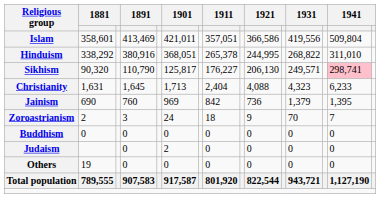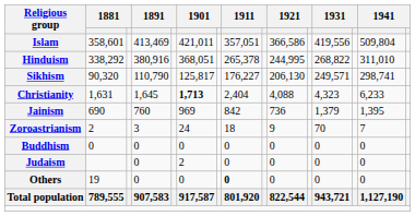 <table class="wikitable sortable">
 <tr>
 <th rowspan="2"><a href='#'>Religious</a><br>group</th>
 <th colspan="2">1881</th>
 <th colspan="2">1891</th>
 <th colspan="2">1901</th>
 <th colspan="2">1911</th>
 <th colspan="2">1921</th>
 <th colspan="2">1931</th>
 <th colspan="2">1941</th>
 </tr>
 <tr>
 <th><a href='#'></a></th>
 <th></th>
 <th></th>
 <th></th>
 <th></th>
 <th></th>
 <th></th>
 <th></th>
 <th></th>
 <th></th>
 <th></th>
 <th></th>
 <th></th>
 <th></th>
 </tr>
 <tr>
 <th><a href='#'>Islam</a> </th>
 <td>358,601</td>
 <td></td>
 <td>413,469</td>
 <td></td>
 <td>421,011</td>
 <td></td>
 <td>357,051</td>
 <td></td>
 <td>366,586</td>
 <td></td>
 <td>419,556</td>
 <td></td>
 <td>509,804</td>
 <td></td>
 </tr>
 <tr>
 <th><a href='#'>Hinduism</a> </th>
 <td>338,292</td>
 <td></td>
 <td>380,916</td>
 <td></td>
 <td>368,051</td>
 <td></td>
 <td>265,378</td>
 <td></td>
 <td>244,995</td>
 <td></td>
 <td>268,822</td>
 <td></td>
 <td>311,010</td>
 <td></td>
 </tr>
 <tr>
 <th><a href='#'>Sikhism</a> </th>
 <td>90,320</td>
 <td></td>
 <td>110,790</td>
 <td></td>
 <td>125,817</td>
 <td></td>
 <td>176,227</td>
 <td></td>
 <td>206,130</td>
 <td></td>
 <td>249,571</td>
 <td></td>
-<td style="background: pink;">298,741</td>
+<td>298,741</td>
 <td></td>
 </tr>
 <tr>
 <th><a href='#'>Christianity</a> </th>
 <td>1,631</td>
 <td></td>
 <td>1,645</td>
 <td></td>
-<td>1,713</td>
+<td><strong>1,713</strong></td>
 <td></td>
 <td>2,404</td>
 <td></td>
 <td>4,088</td>
 <td></td>
 <td>4,323</td>
 <td></td>
 <td>6,233</td>
 <td></td>
 </tr>
 <tr>
 <th><a href='#'>Jainism</a> </th>
 <td>690</td>
 <td></td>
 <td>760</td>
 <td></td>
 <td>969</td>
 <td></td>
 <td>842</td>
 <td></td>
 <td>736</td>
 <td></td>
 <td>1,379</td>
 <td></td>
 <td>1,395</td>
 <td></td>
 </tr>
 <tr>
 <th><a href='#'>Zoroastrianism</a> </th>
 <td>2</td>
 <td></td>
 <td>3</td>
 <td></td>
 <td>24</td>
 <td></td>
 <td>18</td>
 <td></td>
 <td>9</td>
 <td></td>
 <td>70</td>
 <td></td>
 <td>7</td>
 <td></td>
 </tr>
 <tr>
 <th><a href='#'>Buddhism</a> </th>
 <td>0</td>
 <td></td>
 <td>0</td>
 <td></td>
 <td>0</td>
 <td></td>
 <td>0</td>
 <td></td>
 <td>0</td>
 <td></td>
 <td>0</td>
 <td></td>
 <td>0</td>
 <td></td>
 </tr>
 <tr>
 <th><a href='#'>Judaism</a> </th>
 <td></td>
 <td></td>
 <td>0</td>
 <td></td>
 <td>2</td>
 <td></td>
 <td>0</td>
 <td></td>
 <td>0</td>
 <td></td>
 <td>0</td>
 <td></td>
 <td>0</td>
 <td></td>
 </tr>
 <tr>
 <th>Others</th>
 <td>19</td>
 <td></td>
 <td>0</td>
 <td></td>
 <td>0</td>
 <td></td>
-<td>0</td>
+<td><strong>0</strong></td>
 <td></td>
 <td>0</td>
 <td></td>
 <td>0</td>
 <td></td>
 <td>0</td>
 <td></td>
 </tr>
 <tr>
 <th>Total population</th>
 <th>789,555</th>
 <th></th>
 <th>907,583</th>
 <th></th>
 <th>917,587</th>
 <th></th>
 <th>801,920</th>
 <th></th>
 <th>822,544</th>
 <th></th>
 <th>943,721</th>
 <th></th>
 <th>1,127,190</th>
 <th></th>
 </tr>
 <tr class="sortbottom">
 <td colspan="15"></td>
 </tr>
 </table>
